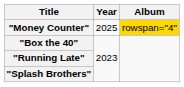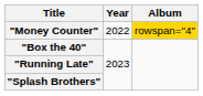 <table class="wikitable plainrowheaders" style="text-align:center;">
 <tr>
 <th scope="col">Title</th>
 <th scope="col">Year</th>
 <th scope="col">Album</th>
 </tr>
 <tr>
 <th scope="row">"Money Counter"</th>
-<td>2025</td>
+<td>2022</td>
 <td style="background: gold;">rowspan="4" </td>
 </tr>
 <tr>
 <th scope="row">"Box the 40"</th>
 <td rowspan="3">2023</td>
 </tr>
 <tr>
 <th scope="row">"Running Late"</th>
 </tr>
 <tr>
 <th scope="row">"Splash Brothers"<br></th>
 </tr>
 </table>
